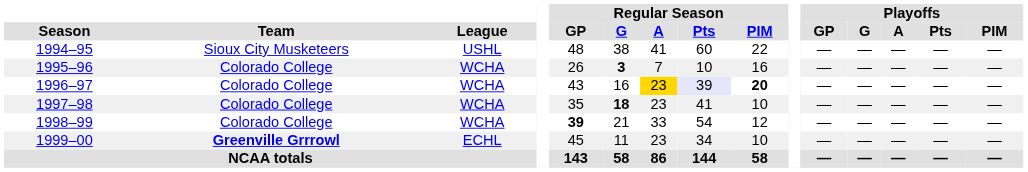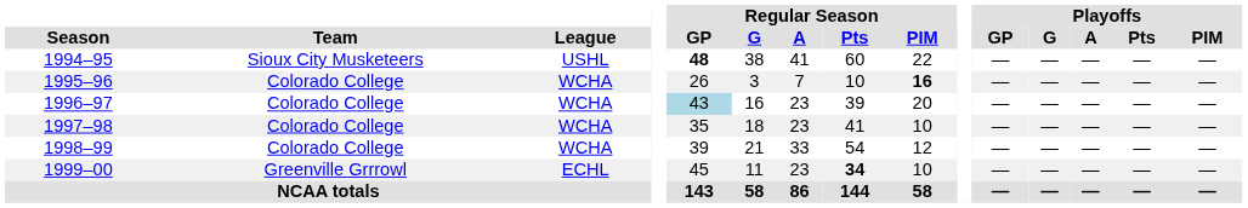 <table border="0" cellpadding="1" cellspacing="0" style="text-align:center; width:70em">
 <tr bgcolor="#e0e0e0">
 <th colspan="3"  bgcolor="#ffffff"> </th>
 <th rowspan="99" bgcolor="#ffffff"> </th>
 <th colspan="5">Regular Season</th>
 <th rowspan="99" bgcolor="#ffffff"> </th>
 <th colspan="5">Playoffs</th>
 </tr>
 <tr bgcolor="#e0e0e0">
 <th>Season</th>
 <th>Team</th>
 <th>League</th>
 <th>GP</th>
 <th><a href='#'>G</a></th>
 <th><a href='#'>A</a></th>
 <th><a href='#'>Pts</a></th>
 <th><a href='#'>PIM</a></th>
 <th>GP</th>
 <th>G</th>
 <th>A</th>
 <th>Pts</th>
 <th>PIM</th>
 </tr>
 <tr>
 <td><a href='#'>1994–95</a></td>
 <td><a href='#'>Sioux City Musketeers</a></td>
 <td><a href='#'>USHL</a></td>
-<td>48</td>
+<td><strong>48</strong></td>
 <td>38</td>
 <td>41</td>
 <td>60</td>
 <td>22</td>
 <td>—</td>
 <td>—</td>
 <td>—</td>
 <td>—</td>
 <td>—</td>
 </tr>
 <tr bgcolor="f0f0f0">
 <td><a href='#'>1995–96</a></td>
 <td><a href='#'>Colorado College</a></td>
 <td><a href='#'>WCHA</a></td>
 <td>26</td>
-<td><strong>3</strong></td>
+<td>3</td>
 <td>7</td>
 <td>10</td>
-<td>16</td>
+<td><strong>16</strong></td>
 <td>—</td>
 <td>—</td>
 <td>—</td>
 <td>—</td>
 <td>—</td>
 </tr>
 <tr>
 <td><a href='#'>1996–97</a></td>
 <td><a href='#'>Colorado College</a></td>
 <td><a href='#'>WCHA</a></td>
-<td>43</td>
+<td style="background: lightblue;">43</td>
 <td>16</td>
-<td style="background: gold;">23</td>
-<td style="background: lavender;">39</td>
-<td><strong>20</strong></td>
+<td>23</td>
+<td>39</td>
+<td>20</td>
 <td>—</td>
 <td>—</td>
 <td>—</td>
 <td>—</td>
 <td>—</td>
 </tr>
 <tr bgcolor="f0f0f0">
 <td><a href='#'>1997–98</a></td>
 <td><a href='#'>Colorado College</a></td>
 <td><a href='#'>WCHA</a></td>
 <td>35</td>
-<td><strong>18</strong></td>
+<td>18</td>
 <td>23</td>
 <td>41</td>
 <td>10</td>
 <td>—</td>
 <td>—</td>
 <td>—</td>
 <td>—</td>
 <td>—</td>
 </tr>
 <tr>
 <td><a href='#'>1998–99</a></td>
 <td><a href='#'>Colorado College</a></td>
 <td><a href='#'>WCHA</a></td>
-<td><strong>39</strong></td>
+<td>39</td>
 <td>21</td>
 <td>33</td>
 <td>54</td>
 <td>12</td>
 <td>—</td>
 <td>—</td>
 <td>—</td>
 <td>—</td>
 <td>—</td>
 </tr>
 <tr bgcolor="f0f0f0">
 <td><a href='#'>1999–00</a></td>
-<td><strong><a href='#'>Greenville Grrrowl</a></strong></td>
+<td><a href='#'>Greenville Grrrowl</a></td>
 <td><a href='#'>ECHL</a></td>
 <td>45</td>
 <td>11</td>
 <td>23</td>
-<td>34</td>
+<td><strong>34</strong></td>
 <td>10</td>
 <td>—</td>
 <td>—</td>
 <td>—</td>
 <td>—</td>
 <td>—</td>
 </tr>
 <tr bgcolor="#e0e0e0">
 <th colspan="3">NCAA totals</th>
 <th>143</th>
 <th>58</th>
 <th>86</th>
 <th>144</th>
 <th>58</th>
 <th>—</th>
 <th>—</th>
 <th>—</th>
 <th>—</th>
 <th>—</th>
 </tr>
 </table>
